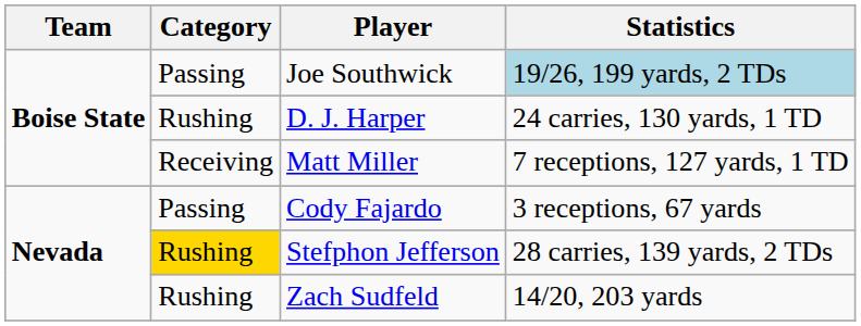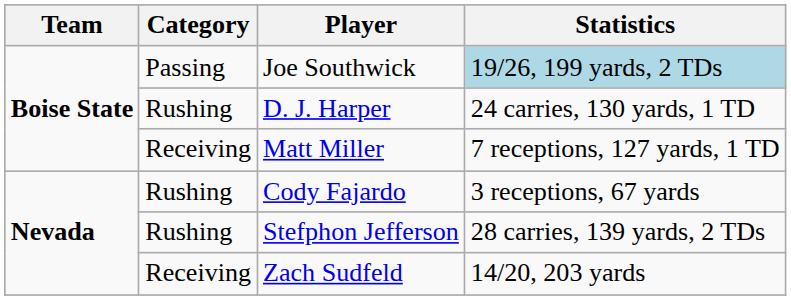 <table class="wikitable" style="float: left;">
 <tr>
 <th>Team</th>
 <th>Category</th>
 <th>Player</th>
 <th>Statistics</th>
 </tr>
 <tr>
 <td rowspan=3><strong>Boise State</strong></td>
 <td>Passing</td>
 <td>Joe Southwick</td>
 <td style="background: lightblue;">19/26, 199 yards, 2 TDs</td>
 </tr>
 <tr>
 <td>Rushing</td>
 <td><a href='#'>D. J. Harper</a></td>
 <td>24 carries, 130 yards, 1 TD</td>
 </tr>
 <tr>
 <td>Receiving</td>
 <td><a href='#'>Matt Miller</a></td>
 <td>7 receptions, 127 yards, 1 TD</td>
 </tr>
 <tr>
 <td rowspan=3><strong>Nevada</strong></td>
-<td>Passing</td>
+<td>Rushing</td>
 <td><a href='#'>Cody Fajardo</a></td>
 <td>3 receptions, 67 yards</td>
 </tr>
 <tr>
-<td style="background: gold;">Rushing</td>
+<td>Rushing</td>
 <td><a href='#'>Stefphon Jefferson</a></td>
 <td>28 carries, 139 yards, 2 TDs</td>
 </tr>
 <tr>
-<td>Rushing</td>
+<td>Receiving</td>
 <td><a href='#'>Zach Sudfeld</a></td>
 <td>14/20, 203 yards</td>
 </tr>
 </table>
